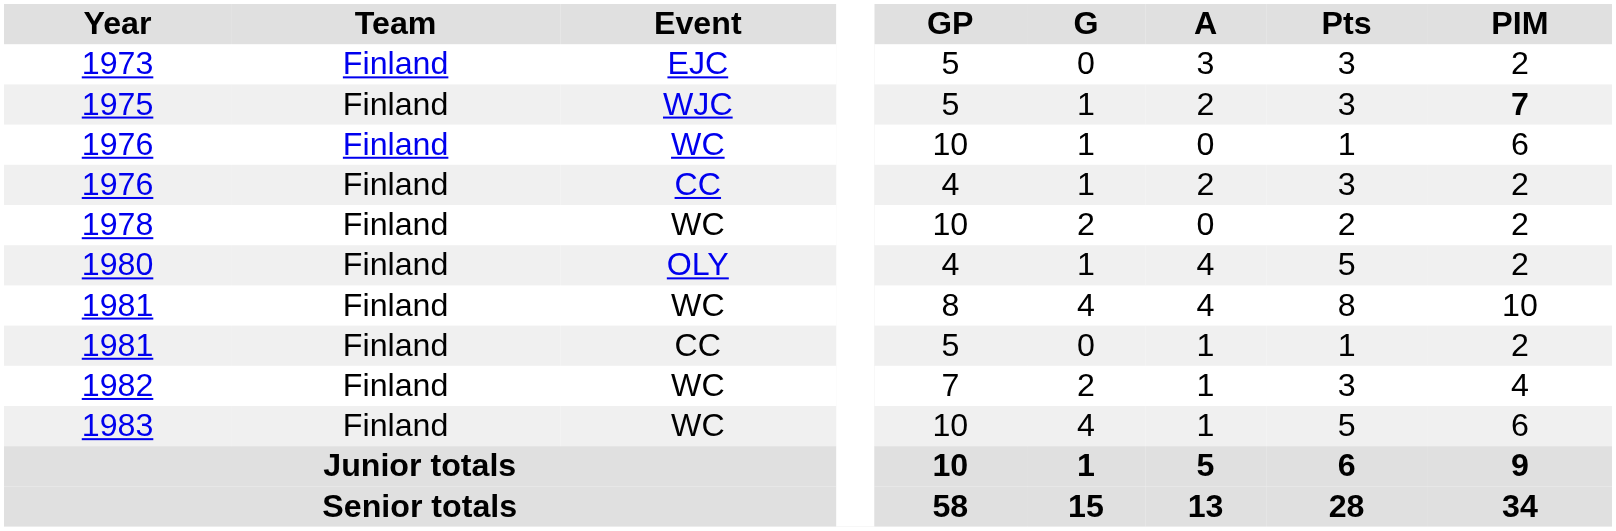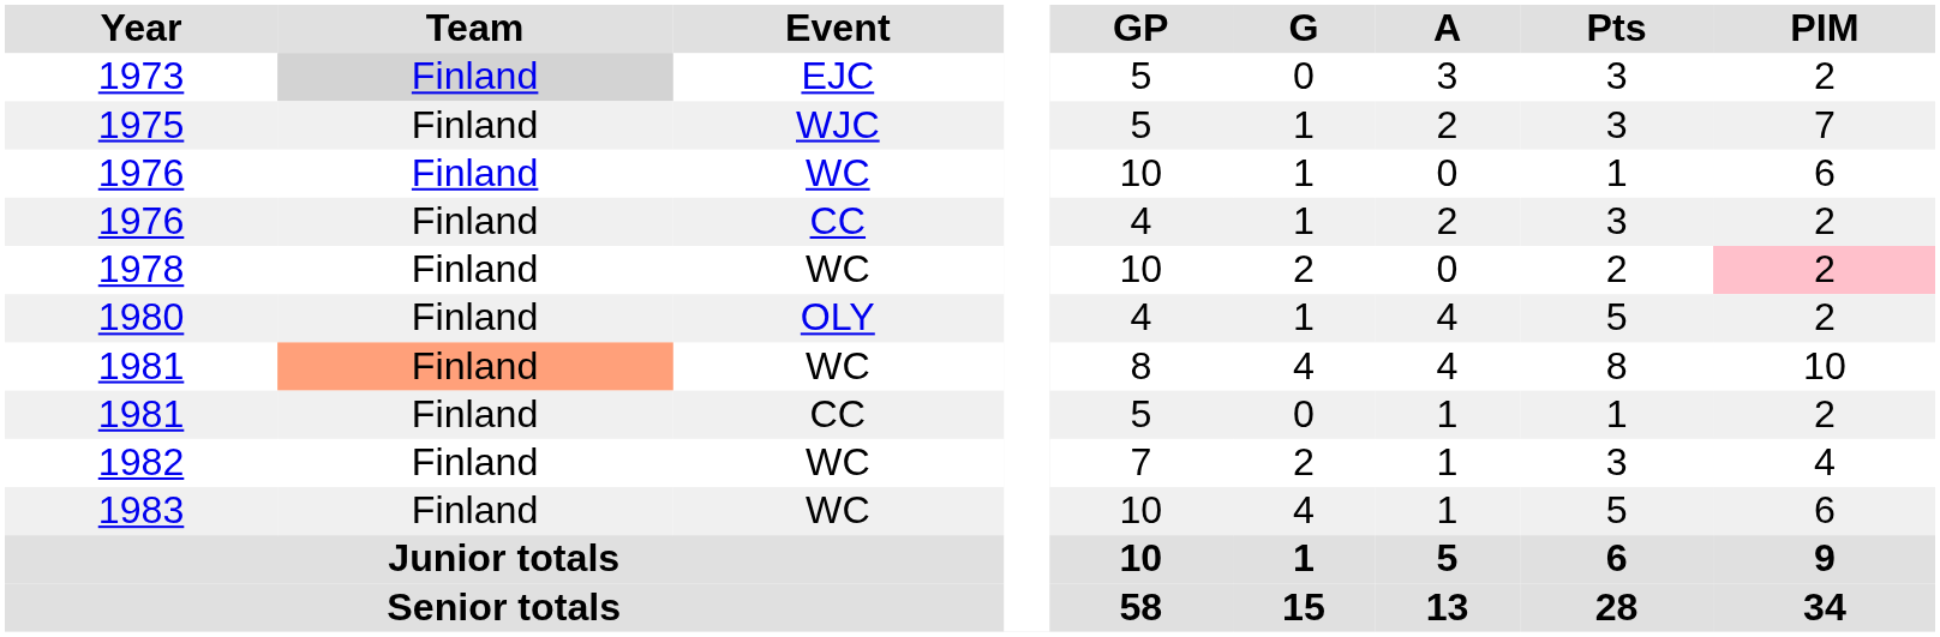 <table border="0" cellpadding="1" cellspacing="0" style="text-align:center; width:50em">
 <tr ALIGN="center" bgcolor="#e0e0e0">
 <th>Year</th>
 <th>Team</th>
 <th>Event</th>
 <th rowspan="99" bgcolor="#ffffff"> </th>
 <th>GP</th>
 <th>G</th>
 <th>A</th>
 <th>Pts</th>
 <th>PIM</th>
 </tr>
 <tr>
 <td><a href='#'>1973</a></td>
-<td><a href='#'>Finland</a></td>
+<td style="background: lightgrey;"><a href='#'>Finland</a></td>
 <td><a href='#'>EJC</a></td>
 <td>5</td>
 <td>0</td>
 <td>3</td>
 <td>3</td>
 <td>2</td>
 </tr>
 <tr bgcolor="#f0f0f0">
 <td><a href='#'>1975</a></td>
 <td>Finland</td>
 <td><a href='#'>WJC</a></td>
 <td>5</td>
 <td>1</td>
 <td>2</td>
 <td>3</td>
-<td><strong>7</strong></td>
+<td>7</td>
 </tr>
 <tr>
 <td><a href='#'>1976</a></td>
 <td><a href='#'>Finland</a></td>
 <td><a href='#'>WC</a></td>
 <td>10</td>
 <td>1</td>
 <td>0</td>
 <td>1</td>
 <td>6</td>
 </tr>
 <tr bgcolor="#f0f0f0">
 <td><a href='#'>1976</a></td>
 <td>Finland</td>
 <td><a href='#'>CC</a></td>
 <td>4</td>
 <td>1</td>
 <td>2</td>
 <td>3</td>
 <td>2</td>
 </tr>
 <tr>
 <td><a href='#'>1978</a></td>
 <td>Finland</td>
 <td>WC</td>
 <td>10</td>
 <td>2</td>
 <td>0</td>
 <td>2</td>
-<td>2</td>
+<td style="background: pink;">2</td>
 </tr>
 <tr bgcolor="#f0f0f0">
 <td><a href='#'>1980</a></td>
 <td>Finland</td>
 <td><a href='#'>OLY</a></td>
 <td>4</td>
 <td>1</td>
 <td>4</td>
 <td>5</td>
 <td>2</td>
 </tr>
 <tr>
 <td><a href='#'>1981</a></td>
-<td>Finland</td>
+<td style="background: lightsalmon;">Finland</td>
 <td>WC</td>
 <td>8</td>
 <td>4</td>
 <td>4</td>
 <td>8</td>
 <td>10</td>
 </tr>
 <tr bgcolor="#f0f0f0">
 <td><a href='#'>1981</a></td>
 <td>Finland</td>
 <td>CC</td>
 <td>5</td>
 <td>0</td>
 <td>1</td>
 <td>1</td>
 <td>2</td>
 </tr>
 <tr>
 <td><a href='#'>1982</a></td>
 <td>Finland</td>
 <td>WC</td>
 <td>7</td>
 <td>2</td>
 <td>1</td>
 <td>3</td>
 <td>4</td>
 </tr>
 <tr bgcolor="#f0f0f0">
 <td><a href='#'>1983</a></td>
 <td>Finland</td>
 <td>WC</td>
 <td>10</td>
 <td>4</td>
 <td>1</td>
 <td>5</td>
 <td>6</td>
 </tr>
 <tr bgcolor="#e0e0e0">
 <th colspan=3>Junior totals</th>
 <th>10</th>
 <th>1</th>
 <th>5</th>
 <th>6</th>
 <th>9</th>
 </tr>
 <tr bgcolor="#e0e0e0">
 <th colspan=3>Senior totals</th>
 <th>58</th>
 <th>15</th>
 <th>13</th>
 <th>28</th>
 <th>34</th>
 </tr>
 </table>
